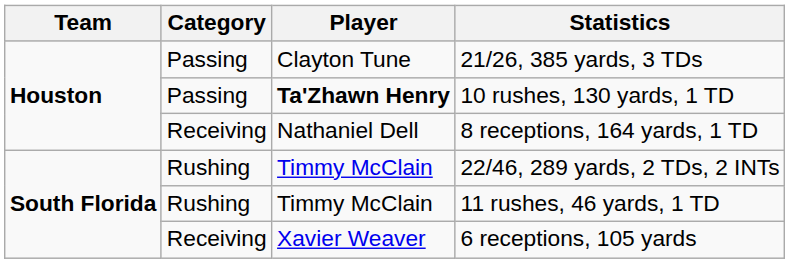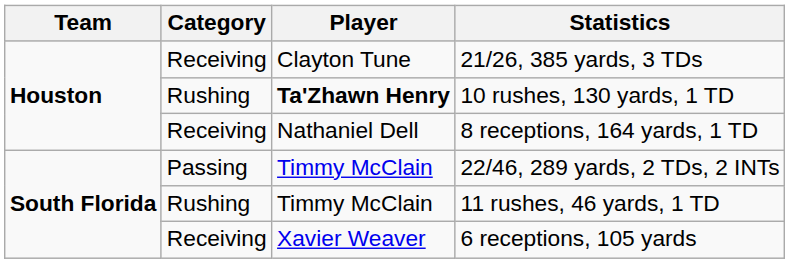 <table class="wikitable" style="float: left;">
 <tr>
 <th>Team</th>
 <th>Category</th>
 <th>Player</th>
 <th>Statistics</th>
 </tr>
 <tr>
 <td rowspan=3><strong>Houston</strong></td>
-<td>Passing</td>
+<td>Receiving</td>
 <td>Clayton Tune</td>
 <td>21/26, 385 yards, 3 TDs</td>
 </tr>
 <tr>
-<td>Passing</td>
+<td>Rushing</td>
 <td><strong>Ta'Zhawn Henry</strong></td>
 <td>10 rushes, 130 yards, 1 TD</td>
 </tr>
 <tr>
 <td>Receiving</td>
 <td>Nathaniel Dell</td>
 <td>8 receptions, 164 yards, 1 TD</td>
 </tr>
 <tr>
 <td rowspan=3><strong>South Florida</strong></td>
-<td>Rushing</td>
+<td>Passing</td>
 <td><a href='#'>Timmy McClain</a></td>
 <td>22/46, 289 yards, 2 TDs, 2 INTs</td>
 </tr>
 <tr>
 <td>Rushing</td>
 <td>Timmy McClain</td>
 <td>11 rushes, 46 yards, 1 TD</td>
 </tr>
 <tr>
 <td>Receiving</td>
 <td><a href='#'>Xavier Weaver</a></td>
 <td>6 receptions, 105 yards</td>
 </tr>
 </table>
